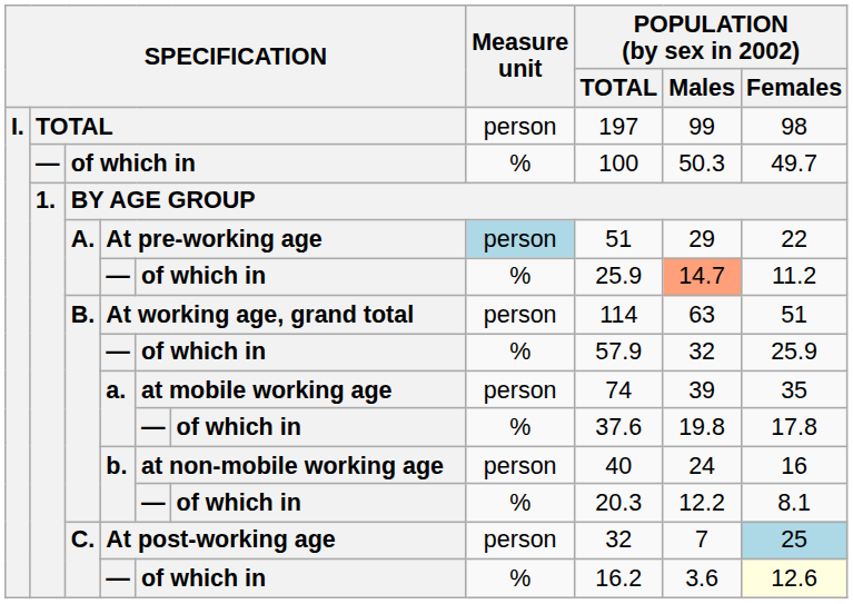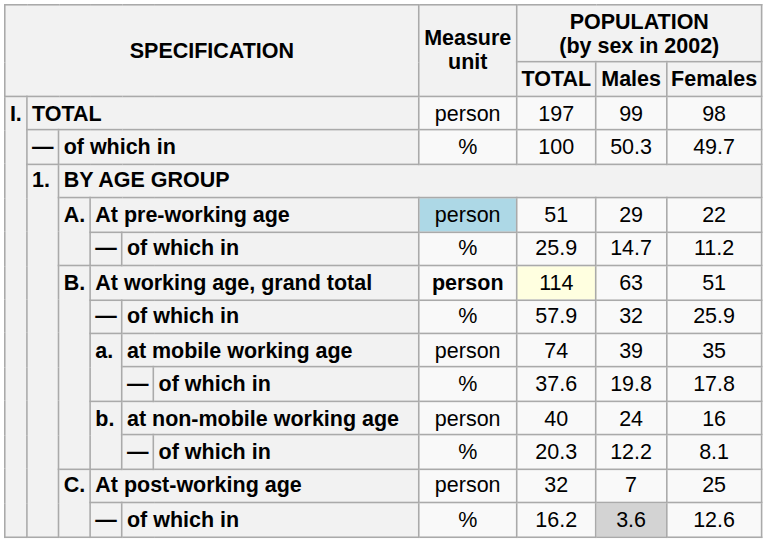 <table class="wikitable" style="font-size:85%; text-align:center">
 <tr>
 <th rowspan="2" colspan="6">SPECIFICATION</th>
 <th rowspan="2">Measure<br> unit</th>
 <th colspan="3" rowspan="1">POPULATION<br> (by sex in 2002)</th>
 </tr>
 <tr>
 <th>TOTAL</th>
 <th>Males</th>
 <th>Females</th>
 </tr>
 <tr>
 <th style="text-align:left" valign="top" rowspan="13">I.</th>
 <th style="text-align:left" colspan="5">TOTAL</th>
 <td>person</td>
 <td>197</td>
 <td>99</td>
 <td>98</td>
 </tr>
 <tr>
 <th style="text-align:left" valign="top">—</th>
 <th style="text-align:left" colspan="4">of which in</th>
 <td>%</td>
 <td>100</td>
 <td>50.3</td>
 <td>49.7</td>
 </tr>
 <tr>
 <th style="text-align:left" valign="top" rowspan="11">1.</th>
 <th style="text-align:left" colspan="19">BY AGE GROUP</th>
 </tr>
 <tr>
 <th style="text-align:left" valign="top" rowspan="2">A.</th>
 <th style="text-align:left" colspan="3">At pre-working age</th>
 <td style="background: lightblue;">person</td>
 <td>51</td>
 <td>29</td>
 <td>22</td>
 </tr>
 <tr>
 <th style="text-align:left" valign="top">—</th>
 <th style="text-align:left" valign="top" colspan="2">of which in</th>
 <td>%</td>
 <td>25.9</td>
-<td style="background: lightsalmon;">14.7</td>
+<td>14.7</td>
 <td>11.2</td>
 </tr>
 <tr>
 <th style="text-align:left" valign="top" rowspan="6">B.</th>
 <th style="text-align:left" colspan="3">At working age, grand total</th>
-<td>person</td>
-<td>114</td>
+<td><strong>person</strong></td>
+<td style="background: lightyellow;">114</td>
 <td>63</td>
 <td>51</td>
 </tr>
 <tr>
 <th style="text-align:left" valign="top">—</th>
 <th style="text-align:left" valign="top" colspan="2">of which in</th>
 <td>%</td>
 <td>57.9</td>
 <td>32</td>
 <td>25.9</td>
 </tr>
 <tr>
 <th style="text-align:left" valign="top" rowspan="2">a.</th>
 <th style="text-align:left" colspan="2">at mobile working age</th>
 <td>person</td>
 <td>74</td>
 <td>39</td>
 <td>35</td>
 </tr>
 <tr>
 <th style="text-align:left" valign="top">—</th>
 <th style="text-align:left" valign="top" colspan="1">of which in                        </th>
 <td>%</td>
 <td>37.6</td>
 <td>19.8</td>
 <td>17.8</td>
 </tr>
 <tr>
 <th style="text-align:left" valign="top" rowspan="2">b.</th>
 <th style="text-align:left" colspan="2">at non-mobile working age</th>
 <td>person</td>
 <td>40</td>
 <td>24</td>
 <td>16</td>
 </tr>
 <tr>
 <th style="text-align:left" valign="top">—</th>
 <th style="text-align:left" valign="top" colspan="1">of which in                        </th>
 <td>%</td>
 <td>20.3</td>
 <td>12.2</td>
 <td>8.1</td>
 </tr>
 <tr>
 <th style="text-align:left" valign="top" rowspan="2">C.</th>
 <th style="text-align:left" colspan="3">At post-working age</th>
 <td>person</td>
 <td>32</td>
 <td>7</td>
-<td style="background: lightblue;">25</td>
+<td>25</td>
 </tr>
 <tr>
 <th style="text-align:left" valign="top">—</th>
 <th style="text-align:left" valign="top" colspan="2">of which in</th>
 <td>%</td>
 <td>16.2</td>
-<td>3.6</td>
-<td style="background: lightyellow;">12.6</td>
+<td style="background: lightgrey;">3.6</td>
+<td>12.6</td>
 </tr>
 </table>
